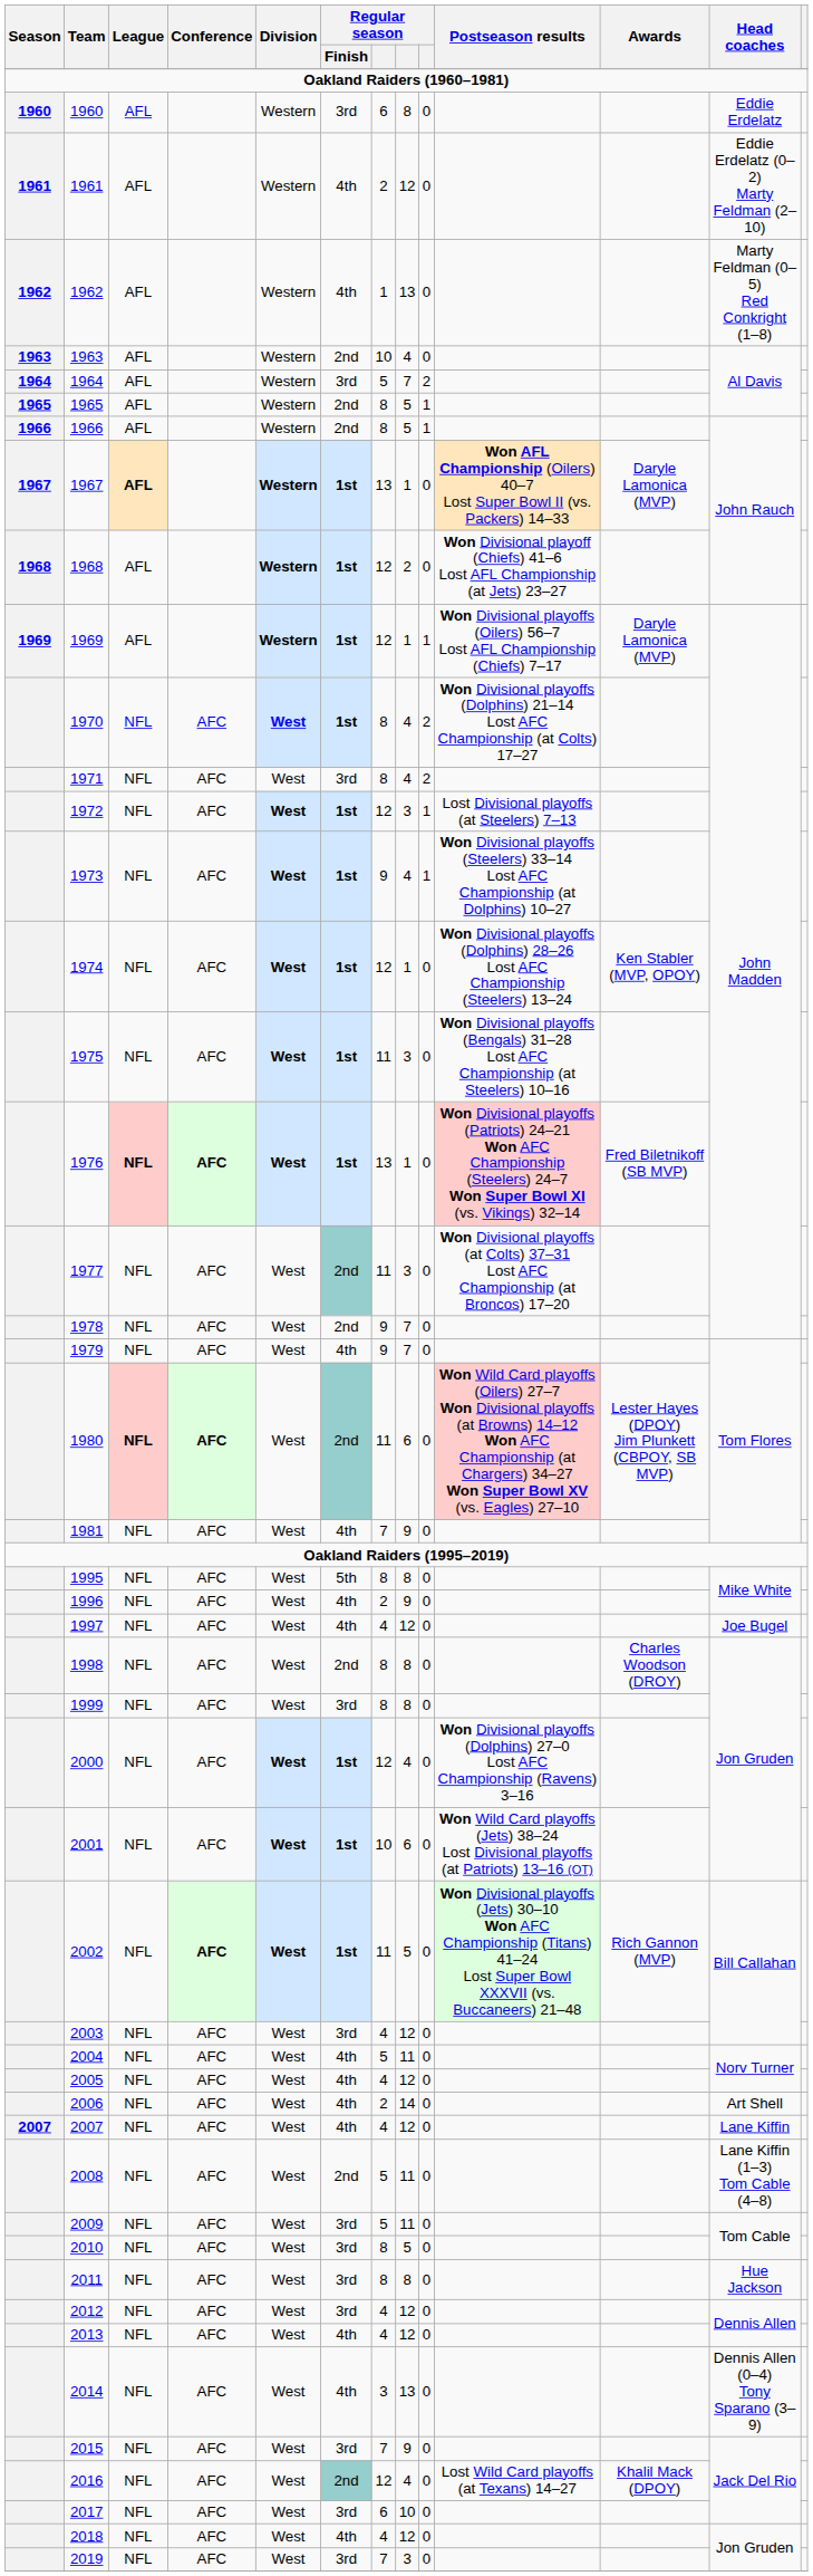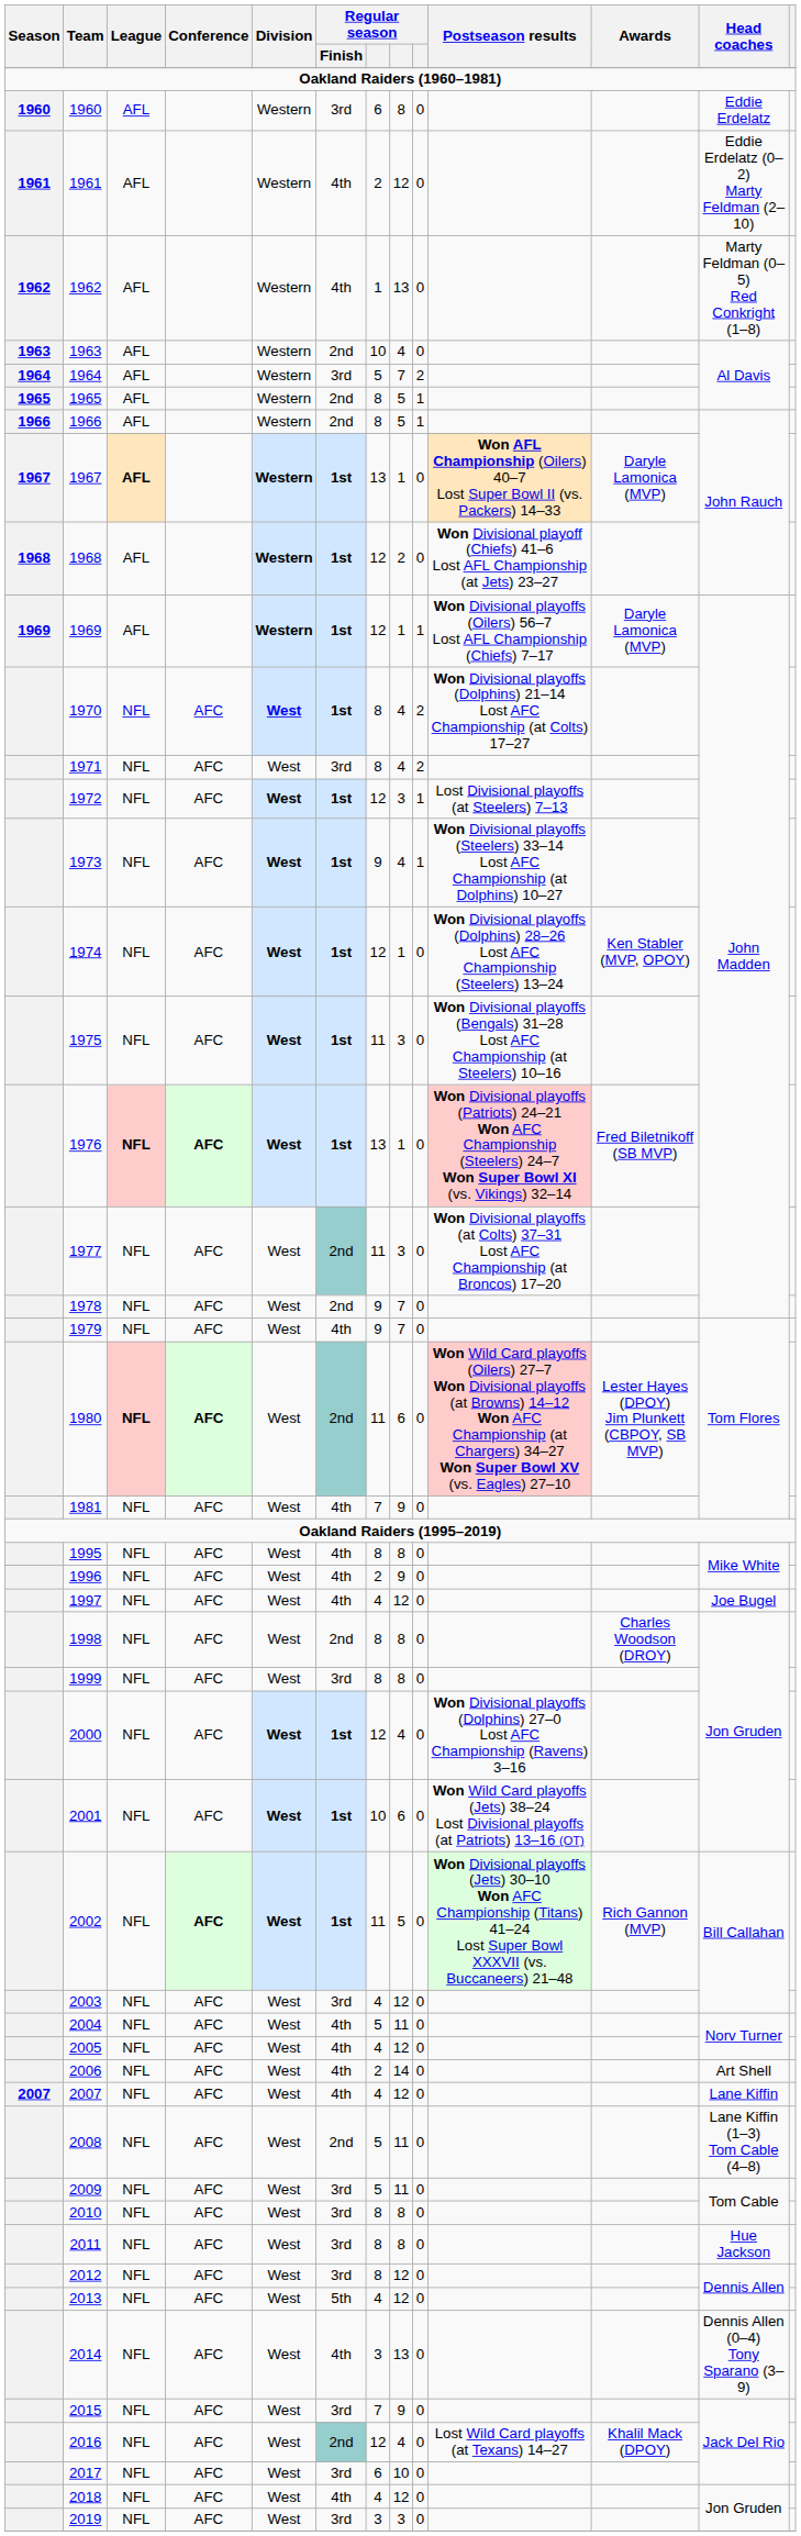 <table class='wikitable sortable sticky-header-multi' style="text-align:center">
 <tr>
 <th scope="col" rowspan="2">Season</th>
 <th scope="col" rowspan="2">Team</th>
 <th scope="col" rowspan="2">League</th>
 <th scope="col" rowspan="2">Conference</th>
 <th scope="col" rowspan="2">Division</th>
 <th scope="colgroup" colspan="4"><a href='#'>Regular season</a></th>
 <th scope="col" rowspan="2"><a href='#'>Postseason</a> results</th>
 <th scope="col" rowspan="2">Awards</th>
 <th scope="col" rowspan="2"><a href='#'>Head coaches</a></th>
 <th scope=col rowspan="2"></th>
 </tr>
 <tr>
 <th scope="col">Finish</th>
 <th scope="col"></th>
 <th scope="col"></th>
 <th scope="col"></th>
 </tr>
 <tr>
 </tr>
 <tr>
 <td colspan="13"><strong>Oakland Raiders (1960–1981)</strong></td>
 </tr>
 <tr>
 <th><a href='#'>1960</a></th>
 <td><a href='#'>1960</a></td>
 <td><a href='#'>AFL</a></td>
 <td></td>
 <td>Western</td>
 <td>3rd</td>
 <td>6</td>
 <td>8</td>
 <td>0</td>
 <td></td>
 <td></td>
 <td><a href='#'>Eddie Erdelatz</a></td>
 <td></td>
 </tr>
 <tr>
 <th><a href='#'>1961</a></th>
 <td><a href='#'>1961</a></td>
 <td>AFL</td>
 <td></td>
 <td>Western</td>
 <td>4th</td>
 <td>2</td>
 <td>12</td>
 <td>0</td>
 <td></td>
 <td></td>
 <td>Eddie Erdelatz (0–2)<br><a href='#'>Marty Feldman</a> (2–10)</td>
 <td></td>
 </tr>
 <tr>
 <th><a href='#'>1962</a></th>
 <td><a href='#'>1962</a></td>
 <td>AFL</td>
 <td></td>
 <td>Western</td>
 <td>4th</td>
 <td>1</td>
 <td>13</td>
 <td>0</td>
 <td></td>
 <td></td>
 <td>Marty Feldman (0–5)<br><a href='#'>Red Conkright</a> (1–8)</td>
 <td></td>
 </tr>
 <tr>
 <th><a href='#'>1963</a></th>
 <td><a href='#'>1963</a></td>
 <td>AFL</td>
 <td></td>
 <td>Western</td>
 <td>2nd</td>
 <td>10</td>
 <td>4</td>
 <td>0</td>
 <td></td>
 <td></td>
 <td rowspan="3"><a href='#'>Al Davis</a></td>
 <td></td>
 </tr>
 <tr>
 <th><a href='#'>1964</a></th>
 <td><a href='#'>1964</a></td>
 <td>AFL</td>
 <td></td>
 <td>Western</td>
 <td>3rd</td>
 <td>5</td>
 <td>7</td>
 <td>2</td>
 <td></td>
 <td></td>
 <td></td>
 </tr>
 <tr>
 <th><a href='#'>1965</a></th>
 <td><a href='#'>1965</a></td>
 <td>AFL</td>
 <td></td>
 <td>Western</td>
 <td>2nd</td>
 <td>8</td>
 <td>5</td>
 <td>1</td>
 <td></td>
 <td></td>
 <td></td>
 </tr>
 <tr>
 <th><a href='#'>1966</a></th>
 <td><a href='#'>1966</a></td>
 <td>AFL</td>
 <td></td>
 <td>Western</td>
 <td>2nd</td>
 <td>8</td>
 <td>5</td>
 <td>1</td>
 <td></td>
 <td></td>
 <td rowspan="3"><a href='#'>John Rauch</a></td>
 <td></td>
 </tr>
 <tr>
 <th><a href='#'>1967</a></th>
 <td><a href='#'>1967</a></td>
 <td bgcolor="#FFE6BD"><strong>AFL</strong></td>
 <td></td>
 <td bgcolor="#D0E7FF"><strong>Western</strong></td>
 <td bgcolor="#D0E7FF"><strong>1st</strong></td>
 <td>13</td>
 <td>1</td>
 <td>0</td>
 <td style="background:#FFE6BD"><strong>Won <a href='#'>AFL Championship</a></strong> (<a href='#'>Oilers</a>) 40–7<br>Lost <a href='#'>Super Bowl II</a> (vs. <a href='#'>Packers</a>) 14–33</td>
 <td><a href='#'>Daryle Lamonica</a> (<a href='#'>MVP</a>)</td>
 <td></td>
 </tr>
 <tr>
 <th><a href='#'>1968</a></th>
 <td><a href='#'>1968</a></td>
 <td>AFL</td>
 <td></td>
 <td bgcolor="#D0E7FF"><strong>Western</strong></td>
 <td bgcolor="#D0E7FF"><strong>1st</strong></td>
 <td>12</td>
 <td>2</td>
 <td>0</td>
 <td><strong>Won</strong> <a href='#'>Divisional playoff</a> (<a href='#'>Chiefs</a>) 41–6<br>Lost <a href='#'>AFL Championship</a> (at <a href='#'>Jets</a>) 23–27</td>
 <td></td>
 <td></td>
 </tr>
 <tr>
 <th><a href='#'>1969</a></th>
 <td><a href='#'>1969</a></td>
 <td>AFL</td>
 <td></td>
 <td bgcolor="#D0E7FF"><strong>Western</strong></td>
 <td bgcolor="#D0E7FF"><strong>1st</strong></td>
 <td>12</td>
 <td>1</td>
 <td>1</td>
 <td><strong>Won</strong> <a href='#'>Divisional playoffs</a> (<a href='#'>Oilers</a>) 56–7<br>Lost <a href='#'>AFL Championship</a> (<a href='#'>Chiefs</a>) 7–17</td>
 <td><a href='#'>Daryle Lamonica</a> (<a href='#'>MVP</a>)</td>
 <td rowspan="10"><a href='#'>John Madden</a></td>
 <td></td>
 </tr>
 <tr>
 <th></th>
 <td><a href='#'>1970</a></td>
 <td><a href='#'>NFL</a></td>
 <td><a href='#'>AFC</a></td>
 <td bgcolor="#D0E7FF"><strong><a href='#'>West</a></strong></td>
 <td bgcolor="#D0E7FF"><strong>1st</strong></td>
 <td>8</td>
 <td>4</td>
 <td>2</td>
 <td><strong>Won</strong> <a href='#'>Divisional playoffs</a> (<a href='#'>Dolphins</a>) 21–14<br>Lost <a href='#'>AFC Championship</a> (at <a href='#'>Colts</a>) 17–27</td>
 <td></td>
 <td></td>
 </tr>
 <tr>
 <th></th>
 <td><a href='#'>1971</a></td>
 <td>NFL</td>
 <td>AFC</td>
 <td>West</td>
 <td>3rd</td>
 <td>8</td>
 <td>4</td>
 <td>2</td>
 <td></td>
 <td></td>
 <td></td>
 </tr>
 <tr>
 <th></th>
 <td><a href='#'>1972</a></td>
 <td>NFL</td>
 <td>AFC</td>
 <td bgcolor="#D0E7FF"><strong>West</strong></td>
 <td bgcolor="#D0E7FF"><strong>1st</strong></td>
 <td>12</td>
 <td>3</td>
 <td>1</td>
 <td>Lost <a href='#'>Divisional playoffs</a> (at <a href='#'>Steelers</a>) <a href='#'>7–13</a></td>
 <td></td>
 <td></td>
 </tr>
 <tr>
 <th></th>
 <td><a href='#'>1973</a></td>
 <td>NFL</td>
 <td>AFC</td>
 <td bgcolor="#D0E7FF"><strong>West</strong></td>
 <td bgcolor="#D0E7FF"><strong>1st</strong></td>
 <td>9</td>
 <td>4</td>
 <td>1</td>
 <td><strong>Won</strong> <a href='#'>Divisional playoffs</a> (<a href='#'>Steelers</a>) 33–14<br>Lost <a href='#'>AFC Championship</a> (at <a href='#'>Dolphins</a>) 10–27</td>
 <td></td>
 <td></td>
 </tr>
 <tr>
 <th></th>
 <td><a href='#'>1974</a></td>
 <td>NFL</td>
 <td>AFC</td>
 <td bgcolor="#D0E7FF"><strong>West</strong></td>
 <td bgcolor="#D0E7FF"><strong>1st</strong></td>
 <td>12</td>
 <td>1</td>
 <td>0</td>
 <td><strong>Won</strong> <a href='#'>Divisional playoffs</a> (<a href='#'>Dolphins</a>) <a href='#'>28–26</a><br>Lost <a href='#'>AFC Championship</a> (<a href='#'>Steelers</a>) 13–24</td>
 <td><a href='#'>Ken Stabler</a> (<a href='#'>MVP</a>, <a href='#'>OPOY</a>)</td>
 <td></td>
 </tr>
 <tr>
 <th></th>
 <td><a href='#'>1975</a></td>
 <td>NFL</td>
 <td>AFC</td>
 <td bgcolor="#D0E7FF"><strong>West</strong></td>
 <td bgcolor="#D0E7FF"><strong>1st</strong></td>
 <td>11</td>
 <td>3</td>
 <td>0</td>
 <td><strong>Won</strong> <a href='#'>Divisional playoffs</a> (<a href='#'>Bengals</a>) 31–28<br>Lost <a href='#'>AFC Championship</a> (at <a href='#'>Steelers</a>) 10–16</td>
 <td></td>
 <td></td>
 </tr>
 <tr>
 <th></th>
 <td><a href='#'>1976</a></td>
 <td bgcolor="#FFCCCC"><strong>NFL</strong></td>
 <td bgcolor="#DDFFDD"><strong>AFC</strong></td>
 <td bgcolor="#D0E7FF"><strong>West</strong></td>
 <td bgcolor="#D0E7FF"><strong>1st</strong></td>
 <td>13</td>
 <td>1</td>
 <td>0</td>
 <td style="background:#FFCCCC"><strong>Won</strong> <a href='#'>Divisional playoffs</a> (<a href='#'>Patriots</a>) 24–21<br><strong>Won</strong> <a href='#'>AFC Championship</a> (<a href='#'>Steelers</a>) 24–7<br><strong>Won <a href='#'>Super Bowl XI</a> </strong> (vs. <a href='#'>Vikings</a>) 32–14</td>
 <td><a href='#'>Fred Biletnikoff</a> (<a href='#'>SB MVP</a>)</td>
 <td></td>
 </tr>
 <tr>
 <th></th>
 <td><a href='#'>1977</a></td>
 <td>NFL</td>
 <td>AFC</td>
 <td>West</td>
 <td bgcolor="#96CDCD">2nd</td>
 <td>11</td>
 <td>3</td>
 <td>0</td>
 <td><strong>Won</strong> <a href='#'>Divisional playoffs</a> (at <a href='#'>Colts</a>) <a href='#'>37–31 </a><br>Lost <a href='#'>AFC Championship</a> (at <a href='#'>Broncos</a>) 17–20</td>
 <td></td>
 <td></td>
 </tr>
 <tr>
 <th></th>
 <td><a href='#'>1978</a></td>
 <td>NFL</td>
 <td>AFC</td>
 <td>West</td>
 <td>2nd</td>
 <td>9</td>
 <td>7</td>
 <td>0</td>
 <td></td>
 <td></td>
 <td></td>
 </tr>
 <tr>
 <th></th>
 <td><a href='#'>1979</a></td>
 <td>NFL</td>
 <td>AFC</td>
 <td>West</td>
 <td>4th</td>
 <td>9</td>
 <td>7</td>
 <td>0</td>
 <td></td>
 <td></td>
 <td rowspan="3"><a href='#'>Tom Flores</a></td>
 <td></td>
 </tr>
 <tr>
 <th></th>
 <td><a href='#'>1980</a></td>
 <td bgcolor="#FFCCCC"><strong>NFL</strong></td>
 <td bgcolor="#DDFFDD"><strong>AFC</strong></td>
 <td>West</td>
 <td bgcolor="#96CDCD">2nd</td>
 <td>11</td>
 <td>6</td>
 <td>0</td>
 <td style="background:#FFCCCC"><strong>Won</strong> <a href='#'>Wild Card playoffs</a> (<a href='#'>Oilers</a>) 27–7<br><strong>Won</strong> <a href='#'>Divisional playoffs</a> (at <a href='#'>Browns</a>) <a href='#'>14–12</a><br><strong>Won</strong> <a href='#'>AFC Championship</a> (at <a href='#'>Chargers</a>) 34–27<br><strong>Won <a href='#'>Super Bowl XV</a> </strong> (vs. <a href='#'>Eagles</a>) 27–10</td>
 <td><a href='#'>Lester Hayes</a> (<a href='#'>DPOY</a>)<br><a href='#'>Jim Plunkett</a> (<a href='#'>CBPOY</a>, <a href='#'>SB MVP</a>)</td>
 <td></td>
 </tr>
 <tr>
 <th></th>
 <td><a href='#'>1981</a></td>
 <td>NFL</td>
 <td>AFC</td>
 <td>West</td>
 <td>4th</td>
 <td>7</td>
 <td>9</td>
 <td>0</td>
 <td></td>
 <td></td>
 <td></td>
 </tr>
 <tr>
 <td colspan="13"><strong>Oakland Raiders (1995–2019)</strong></td>
 </tr>
 <tr>
 <th></th>
 <td><a href='#'>1995</a></td>
 <td>NFL</td>
 <td>AFC</td>
 <td>West</td>
-<td>5th</td>
+<td>4th</td>
 <td>8</td>
 <td>8</td>
 <td>0</td>
 <td></td>
 <td></td>
 <td rowspan="2"><a href='#'>Mike White</a></td>
 <td></td>
 </tr>
 <tr>
 <th></th>
 <td><a href='#'>1996</a></td>
 <td>NFL</td>
 <td>AFC</td>
 <td>West</td>
 <td>4th</td>
 <td>2</td>
 <td>9</td>
 <td>0</td>
 <td></td>
 <td></td>
 <td></td>
 </tr>
 <tr>
 <th></th>
 <td><a href='#'>1997</a></td>
 <td>NFL</td>
 <td>AFC</td>
 <td>West</td>
 <td>4th</td>
 <td>4</td>
 <td>12</td>
 <td>0</td>
 <td></td>
 <td></td>
 <td><a href='#'>Joe Bugel</a></td>
 <td></td>
 </tr>
 <tr>
 <th></th>
 <td><a href='#'>1998</a></td>
 <td>NFL</td>
 <td>AFC</td>
 <td>West</td>
 <td>2nd</td>
 <td>8</td>
 <td>8</td>
 <td>0</td>
 <td></td>
 <td><a href='#'>Charles Woodson</a> (<a href='#'>DROY</a>)</td>
 <td rowspan="4"><a href='#'>Jon Gruden</a></td>
 <td></td>
 </tr>
 <tr>
 <th></th>
 <td><a href='#'>1999</a></td>
 <td>NFL</td>
 <td>AFC</td>
 <td>West</td>
 <td>3rd</td>
 <td>8</td>
 <td>8</td>
 <td>0</td>
 <td></td>
 <td></td>
 <td></td>
 </tr>
 <tr>
 <th></th>
 <td><a href='#'>2000</a></td>
 <td>NFL</td>
 <td>AFC</td>
 <td bgcolor="#D0E7FF"><strong>West</strong></td>
 <td bgcolor="#D0E7FF"><strong>1st</strong></td>
 <td>12</td>
 <td>4</td>
 <td>0</td>
 <td><strong>Won</strong> <a href='#'>Divisional playoffs</a> (<a href='#'>Dolphins</a>) 27–0<br>Lost <a href='#'>AFC Championship</a> (<a href='#'>Ravens</a>) 3–16</td>
 <td></td>
 <td></td>
 </tr>
 <tr>
 <th></th>
 <td><a href='#'>2001</a></td>
 <td>NFL</td>
 <td>AFC</td>
 <td bgcolor="#D0E7FF"><strong>West</strong></td>
 <td bgcolor="#D0E7FF"><strong>1st</strong></td>
 <td>10</td>
 <td>6</td>
 <td>0</td>
 <td><strong>Won</strong> <a href='#'>Wild Card playoffs</a> (<a href='#'>Jets</a>) 38–24<br>Lost <a href='#'>Divisional playoffs</a> (at <a href='#'>Patriots</a>) <a href='#'>13–16 <small>(OT)</small></a></td>
 <td></td>
 <td></td>
 </tr>
 <tr>
 <th></th>
 <td><a href='#'>2002</a></td>
 <td>NFL</td>
 <td bgcolor="#DDFFDD"><strong>AFC</strong></td>
 <td bgcolor="#D0E7FF"><strong>West</strong></td>
 <td bgcolor="#D0E7FF"><strong>1st</strong></td>
 <td>11</td>
 <td>5</td>
 <td>0</td>
 <td style="background:#DDFFDD"><strong>Won</strong> <a href='#'>Divisional playoffs</a> (<a href='#'>Jets</a>) 30–10<br><strong>Won</strong> <a href='#'>AFC Championship</a> (<a href='#'>Titans</a>) 41–24<br>Lost <a href='#'>Super Bowl XXXVII</a> (vs. <a href='#'>Buccaneers</a>) 21–48</td>
 <td><a href='#'>Rich Gannon</a> (<a href='#'>MVP</a>)</td>
 <td rowspan="2"><a href='#'>Bill Callahan</a></td>
 <td></td>
 </tr>
 <tr>
 <th></th>
 <td><a href='#'>2003</a></td>
 <td>NFL</td>
 <td>AFC</td>
 <td>West</td>
 <td>3rd</td>
 <td>4</td>
 <td>12</td>
 <td>0</td>
 <td></td>
 <td></td>
 <td></td>
 </tr>
 <tr>
 <th></th>
 <td><a href='#'>2004</a></td>
 <td>NFL</td>
 <td>AFC</td>
 <td>West</td>
 <td>4th</td>
 <td>5</td>
 <td>11</td>
 <td>0</td>
 <td></td>
 <td></td>
 <td rowspan="2"><a href='#'>Norv Turner</a></td>
 <td></td>
 </tr>
 <tr>
 <th></th>
 <td><a href='#'>2005</a></td>
 <td>NFL</td>
 <td>AFC</td>
 <td>West</td>
 <td>4th</td>
 <td>4</td>
 <td>12</td>
 <td>0</td>
 <td></td>
 <td></td>
 <td></td>
 </tr>
 <tr>
 <th></th>
 <td><a href='#'>2006</a></td>
 <td>NFL</td>
 <td>AFC</td>
 <td>West</td>
 <td>4th</td>
 <td>2</td>
 <td>14</td>
 <td>0</td>
 <td></td>
 <td></td>
 <td>Art Shell</td>
 <td></td>
 </tr>
 <tr>
 <th><a href='#'>2007</a></th>
 <td><a href='#'>2007</a></td>
 <td>NFL</td>
 <td>AFC</td>
 <td>West</td>
 <td>4th</td>
 <td>4</td>
 <td>12</td>
 <td>0</td>
 <td></td>
 <td></td>
 <td><a href='#'>Lane Kiffin</a></td>
 <td></td>
 </tr>
 <tr>
 <th></th>
 <td><a href='#'>2008</a></td>
 <td>NFL</td>
 <td>AFC</td>
 <td>West</td>
 <td>2nd</td>
 <td>5</td>
 <td>11</td>
 <td>0</td>
 <td></td>
 <td></td>
 <td>Lane Kiffin (1–3) <br> <a href='#'>Tom Cable</a> (4–8)</td>
 <td></td>
 </tr>
 <tr>
 <th></th>
 <td><a href='#'>2009</a></td>
 <td>NFL</td>
 <td>AFC</td>
 <td>West</td>
 <td>3rd</td>
 <td>5</td>
 <td>11</td>
 <td>0</td>
 <td></td>
 <td></td>
 <td rowspan="2">Tom Cable</td>
 <td></td>
 </tr>
 <tr>
 <th></th>
 <td><a href='#'>2010</a></td>
 <td>NFL</td>
 <td>AFC</td>
 <td>West</td>
 <td>3rd</td>
 <td>8</td>
-<td>5</td>
+<td>8</td>
 <td>0</td>
 <td></td>
 <td></td>
 <td></td>
 </tr>
 <tr>
 <th></th>
 <td><a href='#'>2011</a></td>
 <td>NFL</td>
 <td>AFC</td>
 <td>West</td>
 <td>3rd</td>
 <td>8</td>
 <td>8</td>
 <td>0</td>
 <td></td>
 <td></td>
 <td><a href='#'>Hue Jackson</a></td>
 <td></td>
 </tr>
 <tr>
 <th></th>
 <td><a href='#'>2012</a></td>
 <td>NFL</td>
 <td>AFC</td>
 <td>West</td>
 <td>3rd</td>
-<td>4</td>
+<td>8</td>
 <td>12</td>
 <td>0</td>
 <td></td>
 <td></td>
 <td rowspan="2"><a href='#'>Dennis Allen</a></td>
 <td></td>
 </tr>
 <tr>
 <th></th>
 <td><a href='#'>2013</a></td>
 <td>NFL</td>
 <td>AFC</td>
 <td>West</td>
-<td>4th</td>
+<td>5th</td>
 <td>4</td>
 <td>12</td>
 <td>0</td>
 <td></td>
 <td></td>
 <td></td>
 </tr>
 <tr>
 <th></th>
 <td><a href='#'>2014</a></td>
 <td>NFL</td>
 <td>AFC</td>
 <td>West</td>
 <td>4th</td>
 <td>3</td>
 <td>13</td>
 <td>0</td>
 <td></td>
 <td></td>
 <td>Dennis Allen (0–4) <br> <a href='#'>Tony Sparano</a> (3–9)</td>
 <td></td>
 </tr>
 <tr>
 <th></th>
 <td><a href='#'>2015</a></td>
 <td>NFL</td>
 <td>AFC</td>
 <td>West</td>
 <td>3rd</td>
 <td>7</td>
 <td>9</td>
 <td>0</td>
 <td></td>
 <td></td>
 <td rowspan="3"><a href='#'>Jack Del Rio</a></td>
 <td></td>
 </tr>
 <tr>
 <th></th>
 <td><a href='#'>2016</a></td>
 <td>NFL</td>
 <td>AFC</td>
 <td>West</td>
 <td bgcolor="#96CDCD">2nd</td>
 <td>12</td>
 <td>4</td>
 <td>0</td>
 <td>Lost <a href='#'>Wild Card playoffs</a> (at <a href='#'>Texans</a>) 14–27</td>
 <td><a href='#'>Khalil Mack</a> (<a href='#'>DPOY</a>)</td>
 <td></td>
 </tr>
 <tr>
 <th></th>
 <td><a href='#'>2017</a></td>
 <td>NFL</td>
 <td>AFC</td>
 <td>West</td>
 <td>3rd</td>
 <td>6</td>
 <td>10</td>
 <td>0</td>
 <td></td>
 <td></td>
 <td></td>
 </tr>
 <tr>
 <th></th>
 <td><a href='#'>2018</a></td>
 <td>NFL</td>
 <td>AFC</td>
 <td>West</td>
 <td>4th</td>
 <td>4</td>
 <td>12</td>
 <td>0</td>
 <td></td>
 <td></td>
 <td rowspan="2">Jon Gruden</td>
 <td></td>
 </tr>
 <tr>
 <th></th>
 <td><a href='#'>2019</a></td>
 <td>NFL</td>
 <td>AFC</td>
 <td>West</td>
 <td>3rd</td>
-<td>7</td>
+<td>3</td>
 <td>3</td>
 <td>0</td>
 <td></td>
 <td></td>
 <td></td>
 </tr>
 <tr>
 </tr>
 </table>
